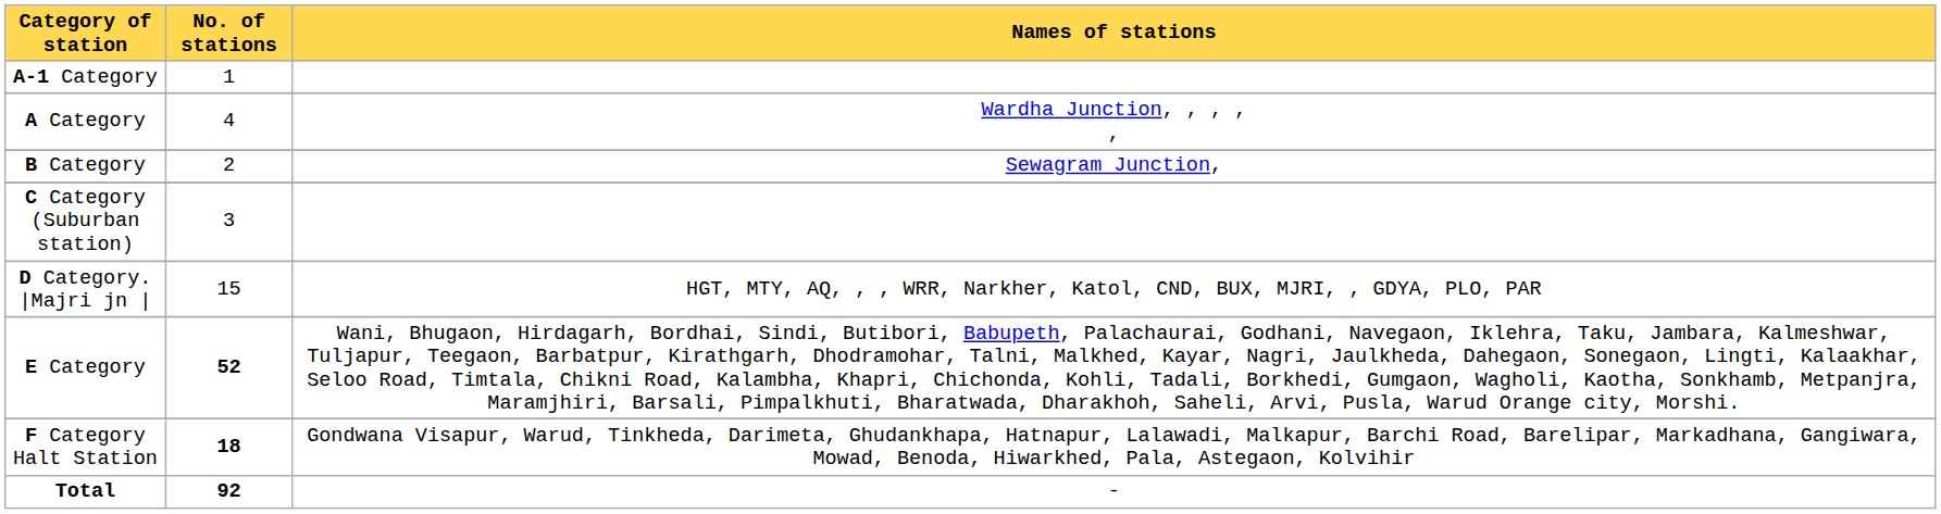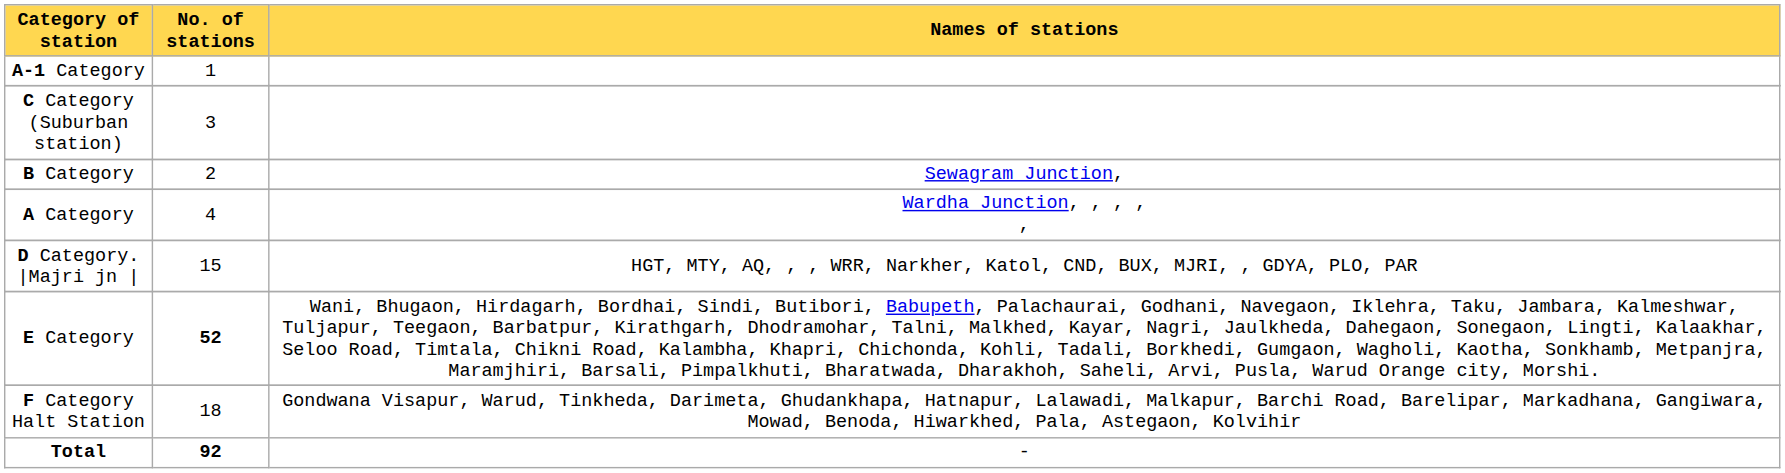 <table class="wikitable sortable" style="background:#fff;">
 <tr>
 <th style="background:#ffd750;" !>Category of station</th>
 <th style="background:#ffd750;" !>No. of stations</th>
 <th style="background:#ffd750;" !>Names of stations</th>
 </tr>
 <tr>
 <td style="text-align:center;"><strong>A-1</strong> Category</td>
 <td style="text-align:center;">1</td>
 <td style="text-align:center;"></td>
 </tr>
 <tr>
 </tr>
 <tr>
-<td style="text-align:center;"><strong>A</strong> Category</td>
-<td style="text-align:center;">4</td>
-<td style="text-align:center;"><a href='#'>Wardha Junction</a>, ,  , ,<br>, </td>
+<td style="text-align:center;"><strong>C</strong> Category<br>(Suburban station)</td>
+<td style="text-align:center;">3</td>
+<td style="text-align:center;"><br></td>
 </tr>
 <tr>
 </tr>
 <tr>
 <td style="text-align:center;"><strong>B</strong> Category</td>
 <td style="text-align:center;">2</td>
 <td style="text-align:center;"><a href='#'>Sewagram Junction</a>, </td>
 </tr>
 <tr>
 </tr>
 <tr>
-<td style="text-align:center;"><strong>C</strong> Category<br>(Suburban station)</td>
-<td style="text-align:center;">3</td>
-<td style="text-align:center;"><br></td>
+<td style="text-align:center;"><strong>A</strong> Category</td>
+<td style="text-align:center;">4</td>
+<td style="text-align:center;"><a href='#'>Wardha Junction</a>, ,  , ,<br>, </td>
 </tr>
 <tr>
 </tr>
 <tr>
 <td style="text-align:center;"><strong>D</strong> Category.                                          |Majri jn |</td>
 <td style="text-align:center;">15</td>
 <td style="text-align:center;">HGT, MTY, AQ, , , WRR, Narkher, Katol, CND, BUX, MJRI, , GDYA, PLO, PAR</td>
 </tr>
 <tr>
 </tr>
 <tr>
 <td style="text-align:center;"><strong>E</strong> Category</td>
 <td style="text-align:center;"><strong>52</strong></td>
 <td style="text-align:center;">Wani, Bhugaon, Hirdagarh, Bordhai, Sindi, Butibori, <a href='#'>Babupeth</a>, Palachaurai, Godhani, Navegaon, Iklehra, Taku, Jambara, Kalmeshwar, Tuljapur, Teegaon, Barbatpur, Kirathgarh, Dhodramohar, Talni, Malkhed, Kayar, Nagri, Jaulkheda, Dahegaon, Sonegaon, Lingti, Kalaakhar, Seloo Road, Timtala, Chikni Road, Kalambha, Khapri, Chichonda, Kohli, Tadali, Borkhedi, Gumgaon, Wagholi, Kaotha, Sonkhamb, Metpanjra, Maramjhiri, Barsali, Pimpalkhuti, Bharatwada, Dharakhoh, Saheli, Arvi, Pusla, Warud Orange city, Morshi.</td>
 </tr>
 <tr>
 </tr>
 <tr>
 <td style="text-align:center;"><strong>F</strong> Category<br>Halt Station</td>
-<td style="text-align:center;"><strong>18</strong></td>
+<td style="text-align:center;">18</td>
 <td style="text-align:center;">Gondwana Visapur, Warud, Tinkheda, Darimeta, Ghudankhapa, Hatnapur, Lalawadi, Malkapur, Barchi Road, Barelipar, Markadhana, Gangiwara, Mowad, Benoda, Hiwarkhed, Pala, Astegaon, Kolvihir</td>
 </tr>
 <tr>
 <td style="text-align:center;"><strong>Total</strong></td>
 <td style="text-align:center;"><strong>92</strong></td>
 <td style="text-align:center;">-</td>
 </tr>
 </table>
